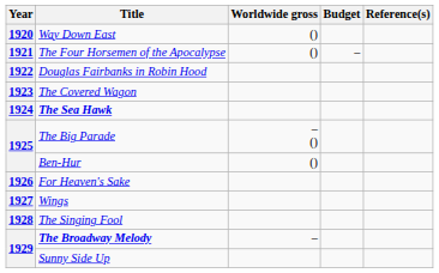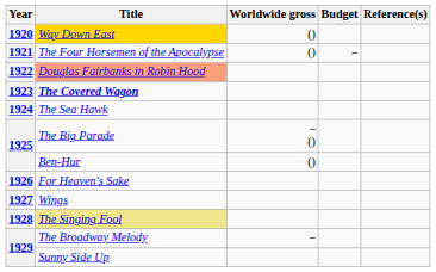 <table class="wikitable plainrowheaders" style="margin:auto; margin:auto;">
 <tr>
 <th scope="col">Year</th>
 <th scope="col">Title</th>
 <th scope="col">Worldwide gross</th>
 <th scope="col">Budget</th>
 <th scope="col">Reference(s)</th>
 </tr>
 <tr>
 <th scope="row"><a href='#'>1920</a></th>
-<td><em><a href='#'>Way Down East</a></em></td>
+<td style="background: gold;"><em><a href='#'>Way Down East</a></em></td>
 <td align="right"> ()</td>
 <td align="right"></td>
 <td style="text-align:center;"></td>
 </tr>
 <tr>
 <th scope="row"><a href='#'>1921</a></th>
 <td><em><a href='#'>The Four Horsemen of the Apocalypse</a></em></td>
 <td align="right"> ()</td>
 <td align="right">–</td>
 <td style="text-align:center;"></td>
 </tr>
 <tr>
 <th scope="row"><a href='#'>1922</a></th>
-<td><em><a href='#'>Douglas Fairbanks in Robin Hood</a></em></td>
+<td style="background: lightsalmon;"><em><a href='#'>Douglas Fairbanks in Robin Hood</a></em></td>
 <td align="right"></td>
 <td align="right"></td>
 <td style="text-align:center;"></td>
 </tr>
 <tr>
 <th scope="row"><a href='#'>1923</a></th>
-<td><em><a href='#'>The Covered Wagon</a></em></td>
+<td><strong><em><a href='#'>The Covered Wagon</a></em></strong></td>
 <td align="right"></td>
 <td align="right"></td>
 <td style="text-align:center;"></td>
 </tr>
 <tr>
 <th scope="row"><a href='#'>1924</a></th>
-<td><strong><em><a href='#'>The Sea Hawk</a></em></strong></td>
+<td><em><a href='#'>The Sea Hawk</a></em></td>
 <td align="right"></td>
 <td align="right"></td>
 <td style="text-align:center;"></td>
 </tr>
 <tr>
 <th rowspan="2" scope="row"><a href='#'>1925</a></th>
 <td><em><a href='#'>The Big Parade</a></em></td>
 <td align="right">–<br>()</td>
 <td align="right"></td>
 <td style="text-align:center;"></td>
 </tr>
 <tr>
 <td><em><a href='#'>Ben-Hur</a></em></td>
 <td align="right"> ()</td>
 <td align="right"></td>
 <td style="text-align:center;"></td>
 </tr>
 <tr>
 <th scope="row"><a href='#'>1926</a></th>
 <td><em><a href='#'>For Heaven's Sake</a></em></td>
 <td align="right"> </td>
 <td align="right"></td>
 <td style="text-align:center;"></td>
 </tr>
 <tr>
 <th scope="row"><a href='#'>1927</a></th>
 <td><em><a href='#'>Wings</a></em></td>
 <td align="right"></td>
 <td align="right"></td>
 <td style="text-align:center;"></td>
 </tr>
 <tr>
 <th scope="row"><a href='#'>1928</a></th>
-<td><em><a href='#'>The Singing Fool</a></em></td>
+<td style="background: khaki;"><em><a href='#'>The Singing Fool</a></em></td>
 <td align="right"></td>
 <td align="right"></td>
 <td style="text-align:center;"></td>
 </tr>
 <tr>
 <th rowspan="2" scope="row"><a href='#'>1929</a></th>
-<td><strong><em><a href='#'>The Broadway Melody</a></em></strong></td>
+<td><em><a href='#'>The Broadway Melody</a></em></td>
 <td align="right">–</td>
 <td align="right"></td>
 <td style="text-align:center;"></td>
 </tr>
 <tr>
 <td><em><a href='#'>Sunny Side Up</a></em></td>
 <td align="right"> </td>
 <td align="right"></td>
 <td style="text-align:center;"></td>
 </tr>
 </table>
